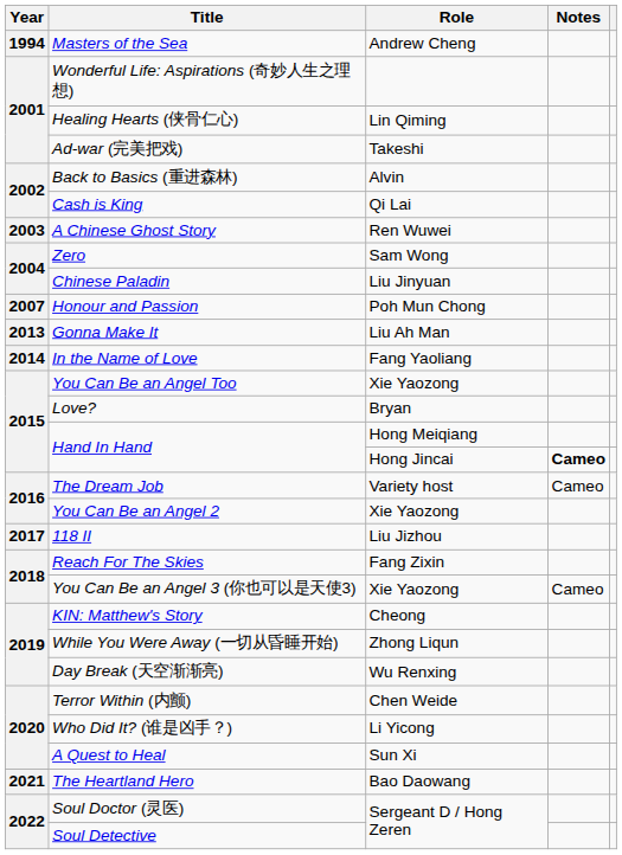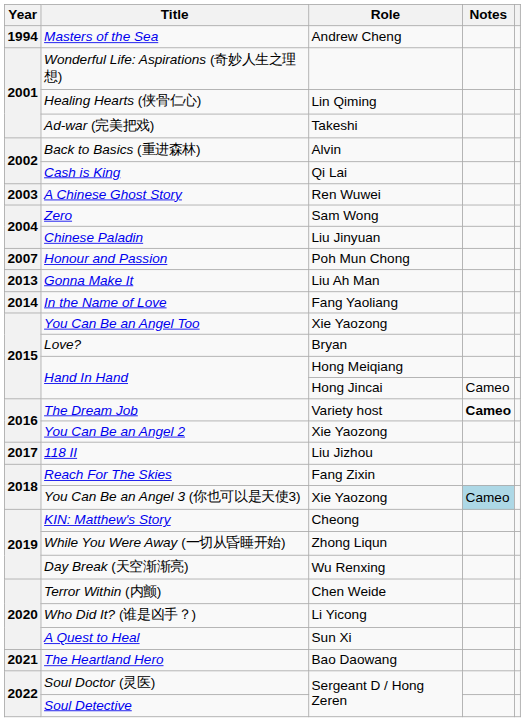 <table class="wikitable sortable plainrowheaders">
 <tr>
 <th scope="col">Year</th>
 <th scope="col">Title</th>
 <th scope="col">Role</th>
 <th scope="col" class="unsortable">Notes</th>
 <th scope="col" class="unsortable"></th>
 </tr>
 <tr>
 <th scope="row">1994</th>
 <td><a href='#'><em>Masters of the Sea</em></a></td>
 <td>Andrew Cheng</td>
 <td></td>
 <td></td>
 </tr>
 <tr>
 <th scope="row" rowspan="3">2001</th>
 <td><em>Wonderful Life: Aspirations</em>  (奇妙人生之理想)</td>
 <td></td>
 <td></td>
 <td></td>
 </tr>
 <tr>
 <td><em>Healing Hearts</em> (侠骨仁心)</td>
 <td>Lin Qiming</td>
 <td></td>
 <td></td>
 </tr>
 <tr>
 <td><em>Ad-war</em> (完美把戏)</td>
 <td>Takeshi</td>
 <td></td>
 <td></td>
 </tr>
 <tr>
 <th scope="row" rowspan="2">2002</th>
 <td><em>Back to Basics</em> (重进森林)</td>
 <td>Alvin</td>
 <td></td>
 <td></td>
 </tr>
 <tr>
 <td><em><a href='#'>Cash is King</a></em></td>
 <td>Qi Lai</td>
 <td></td>
 <td></td>
 </tr>
 <tr>
 <th scope="row">2003</th>
 <td><em><a href='#'>A Chinese Ghost Story</a></em></td>
 <td>Ren Wuwei</td>
 <td></td>
 <td></td>
 </tr>
 <tr>
 <th scope="row" rowspan="2">2004</th>
 <td><em><a href='#'>Zero</a></em></td>
 <td>Sam Wong</td>
 <td></td>
 <td></td>
 </tr>
 <tr>
 <td><em><a href='#'>Chinese Paladin</a></em></td>
 <td>Liu Jinyuan</td>
 <td></td>
 <td></td>
 </tr>
 <tr>
 <th scope="row">2007</th>
 <td><em><a href='#'>Honour and Passion</a></em></td>
 <td>Poh Mun Chong</td>
 <td></td>
 <td></td>
 </tr>
 <tr>
 <th scope="row">2013</th>
 <td><em><a href='#'>Gonna Make It</a></em></td>
 <td>Liu Ah Man</td>
 <td></td>
 <td></td>
 </tr>
 <tr>
 <th scope="row">2014</th>
 <td><em><a href='#'>In the Name of Love</a></em></td>
 <td>Fang Yaoliang</td>
 <td></td>
 <td></td>
 </tr>
 <tr>
 <th scope="row" rowspan="4">2015</th>
 <td><em><a href='#'>You Can Be an Angel Too</a></em></td>
 <td>Xie Yaozong</td>
 <td></td>
 <td></td>
 </tr>
 <tr>
 <td><em>Love?</em></td>
 <td>Bryan</td>
 <td></td>
 <td></td>
 </tr>
 <tr>
 <td rowspan="2"><em><a href='#'>Hand In Hand</a></em></td>
 <td>Hong Meiqiang</td>
 <td></td>
 <td></td>
 </tr>
 <tr>
 <td>Hong Jincai</td>
-<td><strong>Cameo</strong></td>
+<td>Cameo</td>
 <td></td>
 </tr>
 <tr>
 <th scope="row" rowspan="2">2016</th>
 <td><em><a href='#'>The Dream Job</a></em></td>
 <td>Variety host</td>
-<td>Cameo</td>
+<td><strong>Cameo</strong></td>
 <td></td>
 </tr>
 <tr>
 <td><em><a href='#'>You Can Be an Angel 2</a></em></td>
 <td>Xie Yaozong</td>
 <td></td>
 <td></td>
 </tr>
 <tr>
 <th scope="row" rowspan="1">2017</th>
 <td><em><a href='#'>118 II</a></em></td>
 <td>Liu Jizhou</td>
 <td></td>
 <td></td>
 </tr>
 <tr>
 <th scope="row" rowspan="2">2018</th>
 <td><em><a href='#'>Reach For The Skies</a></em></td>
 <td>Fang Zixin</td>
 <td></td>
 <td></td>
 </tr>
 <tr>
 <td><em>You Can Be an Angel 3</em> (你也可以是天使3)</td>
 <td>Xie Yaozong</td>
-<td>Cameo</td>
+<td style="background: lightblue;">Cameo</td>
 <td></td>
 </tr>
 <tr>
 <th scope="row" rowspan="3">2019</th>
 <td><em><a href='#'>KIN: Matthew's Story</a></em></td>
 <td>Cheong</td>
 <td></td>
 <td></td>
 </tr>
 <tr>
 <td><em>While You Were Away</em> (一切从昏睡开始)</td>
 <td>Zhong Liqun</td>
 <td></td>
 <td></td>
 </tr>
 <tr>
 <td><em>Day Break</em> (天空渐渐亮)</td>
 <td>Wu Renxing</td>
 <td></td>
 <td></td>
 </tr>
 <tr>
 <th scope="row" rowspan="3">2020</th>
 <td><em>Terror Within</em> (内颤)</td>
 <td>Chen Weide</td>
 <td></td>
 <td></td>
 </tr>
 <tr>
 <td><em>Who Did It?</em> (谁是凶手？)</td>
 <td>Li Yicong</td>
 <td></td>
 <td></td>
 </tr>
 <tr>
 <td><em><a href='#'>A Quest to Heal</a></em></td>
 <td>Sun Xi</td>
 <td></td>
 <td></td>
 </tr>
 <tr>
 <th scope="row">2021</th>
 <td><em><a href='#'>The Heartland Hero</a></em></td>
 <td>Bao Daowang</td>
 <td></td>
 <td></td>
 </tr>
 <tr>
 <th scope="row" rowspan="2">2022</th>
 <td><em>Soul Doctor</em> (灵医)</td>
 <td rowspan="2">Sergeant D / Hong Zeren</td>
 <td></td>
 <td></td>
 </tr>
 <tr>
 <td><em><a href='#'>Soul Detective</a></em></td>
 <td></td>
 <td></td>
 </tr>
 </table>
